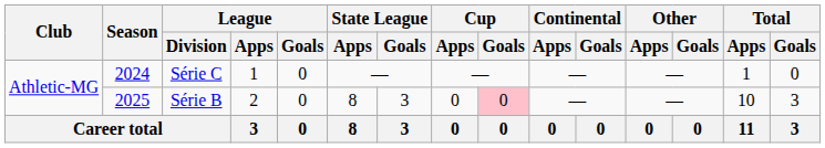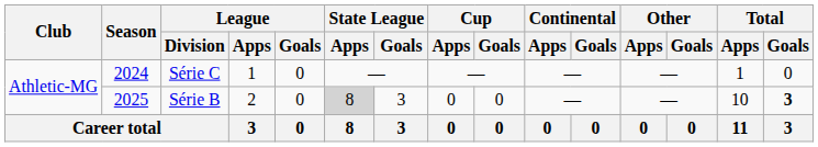 <table class="wikitable" style="text-align:center;">
 <tr>
 <th rowspan="2">Club</th>
 <th rowspan="2">Season</th>
 <th colspan="3">League</th>
 <th colspan="2">State League</th>
 <th colspan="2">Cup</th>
 <th colspan="2">Continental</th>
 <th colspan="2">Other</th>
 <th colspan="2">Total</th>
 </tr>
 <tr>
 <th>Division</th>
 <th>Apps</th>
 <th>Goals</th>
 <th>Apps</th>
 <th>Goals</th>
 <th>Apps</th>
 <th>Goals</th>
 <th>Apps</th>
 <th>Goals</th>
 <th>Apps</th>
 <th>Goals</th>
 <th>Apps</th>
 <th>Goals</th>
 </tr>
 <tr>
 <td rowspan="2"><a href='#'>Athletic-MG</a></td>
 <td><a href='#'>2024</a></td>
 <td><a href='#'>Série C</a></td>
 <td>1</td>
 <td>0</td>
 <td colspan="2">—</td>
 <td colspan="2">—</td>
 <td colspan="2">—</td>
 <td colspan="2">—</td>
 <td>1</td>
 <td>0</td>
 </tr>
 <tr>
 <td><a href='#'>2025</a></td>
 <td><a href='#'>Série B</a></td>
 <td>2</td>
 <td>0</td>
-<td>8</td>
+<td style="background: lightgrey;">8</td>
 <td>3</td>
 <td>0</td>
-<td style="background: pink;">0</td>
+<td>0</td>
 <td colspan="2">—</td>
 <td colspan="2">—</td>
 <td>10</td>
-<td>3</td>
+<td><strong>3</strong></td>
 </tr>
 <tr>
 <th colspan="3">Career total</th>
 <th>3</th>
 <th>0</th>
 <th>8</th>
 <th>3</th>
 <th>0</th>
 <th>0</th>
 <th>0</th>
 <th>0</th>
 <th>0</th>
 <th>0</th>
 <th>11</th>
 <th>3</th>
 </tr>
 </table>
